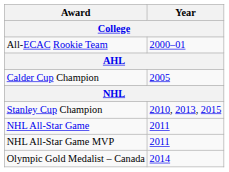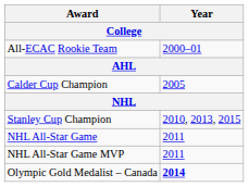 <table class="wikitable">
 <tr>
 <th>Award</th>
 <th>Year</th>
 </tr>
 <tr ALIGN="center" bgcolor="#e0e0e0">
 <th colspan="2"><a href='#'>College</a></th>
 </tr>
 <tr>
 <td>All-<a href='#'>ECAC</a> <a href='#'>Rookie Team</a></td>
 <td><a href='#'>2000–01</a></td>
 </tr>
 <tr ALIGN="center" bgcolor="#e0e0e0">
 <th colspan="2"><a href='#'>AHL</a></th>
 </tr>
 <tr>
 <td><a href='#'>Calder Cup</a> Champion</td>
 <td><a href='#'>2005</a></td>
 </tr>
 <tr ALIGN="center" bgcolor="#e0e0e0">
 <th colspan="2"><a href='#'>NHL</a></th>
 </tr>
 <tr>
 <td><a href='#'>Stanley Cup</a> Champion</td>
 <td><a href='#'>2010</a>, <a href='#'>2013</a>, <a href='#'>2015</a></td>
 </tr>
 <tr>
 <td><a href='#'>NHL All-Star Game</a></td>
 <td><a href='#'>2011</a></td>
 </tr>
 <tr>
 <td>NHL All-Star Game MVP</td>
 <td><a href='#'>2011</a></td>
 </tr>
 <tr>
 <td>Olympic Gold Medalist – Canada</td>
-<td><a href='#'>2014</a></td>
+<td><strong><a href='#'>2014</a></strong></td>
 </tr>
 </table>
